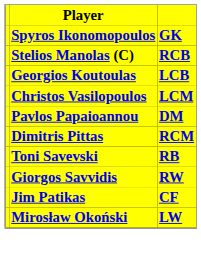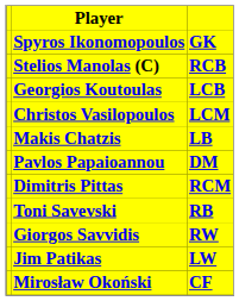 <table class="toccolours" border="0" cellpadding="2" cellspacing="0" align="center" style="margin: 0.5em 0 1em 1em; background: #000000; border: 1px #aaaaaa solid;">
 <tr bgcolor=#FFFF00>
 <th></th>
 <th>Player</th>
 <th></th>
 </tr>
 <tr bgcolor=#FFFF00>
 <td></td>
 <td><a href='#'><span><strong>Spyros Ikonomopoulos</strong></span></a></td>
 <td><a href='#'><strong>GK</strong></a></td>
 </tr>
 <tr bgcolor=#FFFF00>
 <td></td>
 <td><a href='#'><span><strong>Stelios Manolas</strong></span></a> <strong>(C)</strong></td>
 <td><a href='#'><strong>RCB</strong></a></td>
 </tr>
 <tr bgcolor=#FFFF00>
 <td></td>
 <td><a href='#'><span><strong>Georgios Koutoulas</strong></span></a></td>
 <td><a href='#'><strong>LCB</strong></a></td>
 </tr>
 <tr bgcolor=#FFFF00>
 <td></td>
 <td><a href='#'><span><strong>Christos Vasilopoulos</strong></span></a></td>
 <td><a href='#'><strong>LCM</strong></a></td>
 </tr>
 <tr bgcolor=#FFFF00>
 <td></td>
+<td><a href='#'><span><strong>Makis Chatzis</strong></span></a></td>
+<td><a href='#'><strong>LB</strong></a></td>
+</tr>
+<tr bgcolor=#FFFF00>
+<td></td>
 <td><a href='#'><span><strong>Pavlos Papaioannou</strong></span></a></td>
 <td><a href='#'><strong>DM</strong></a></td>
 </tr>
 <tr bgcolor=#FFFF00>
 <td></td>
 <td><a href='#'><span><strong>Dimitris Pittas</strong></span></a></td>
 <td><a href='#'><strong>RCM</strong></a></td>
 </tr>
 <tr bgcolor=#FFFF00>
 <td></td>
 <td><a href='#'><span><strong>Toni Savevski</strong></span></a></td>
 <td><a href='#'><strong>RB</strong></a></td>
 </tr>
 <tr bgcolor=#FFFF00>
 <td></td>
 <td><a href='#'><span><strong>Giorgos Savvidis</strong></span></a></td>
 <td><a href='#'><strong>RW</strong></a></td>
 </tr>
 <tr bgcolor=#FFFF00>
 <td></td>
 <td><a href='#'><span><strong>Jim Patikas</strong></span></a></td>
-<td><a href='#'><strong>CF</strong></a></td>
+<td><a href='#'><strong>LW</strong></a></td>
 </tr>
 <tr bgcolor=#FFFF00>
 <td></td>
 <td><a href='#'><span><strong>Mirosław Okoński</strong></span></a></td>
-<td><a href='#'><strong>LW</strong></a></td>
+<td><a href='#'><strong>CF</strong></a></td>
 </tr>
 </table>
